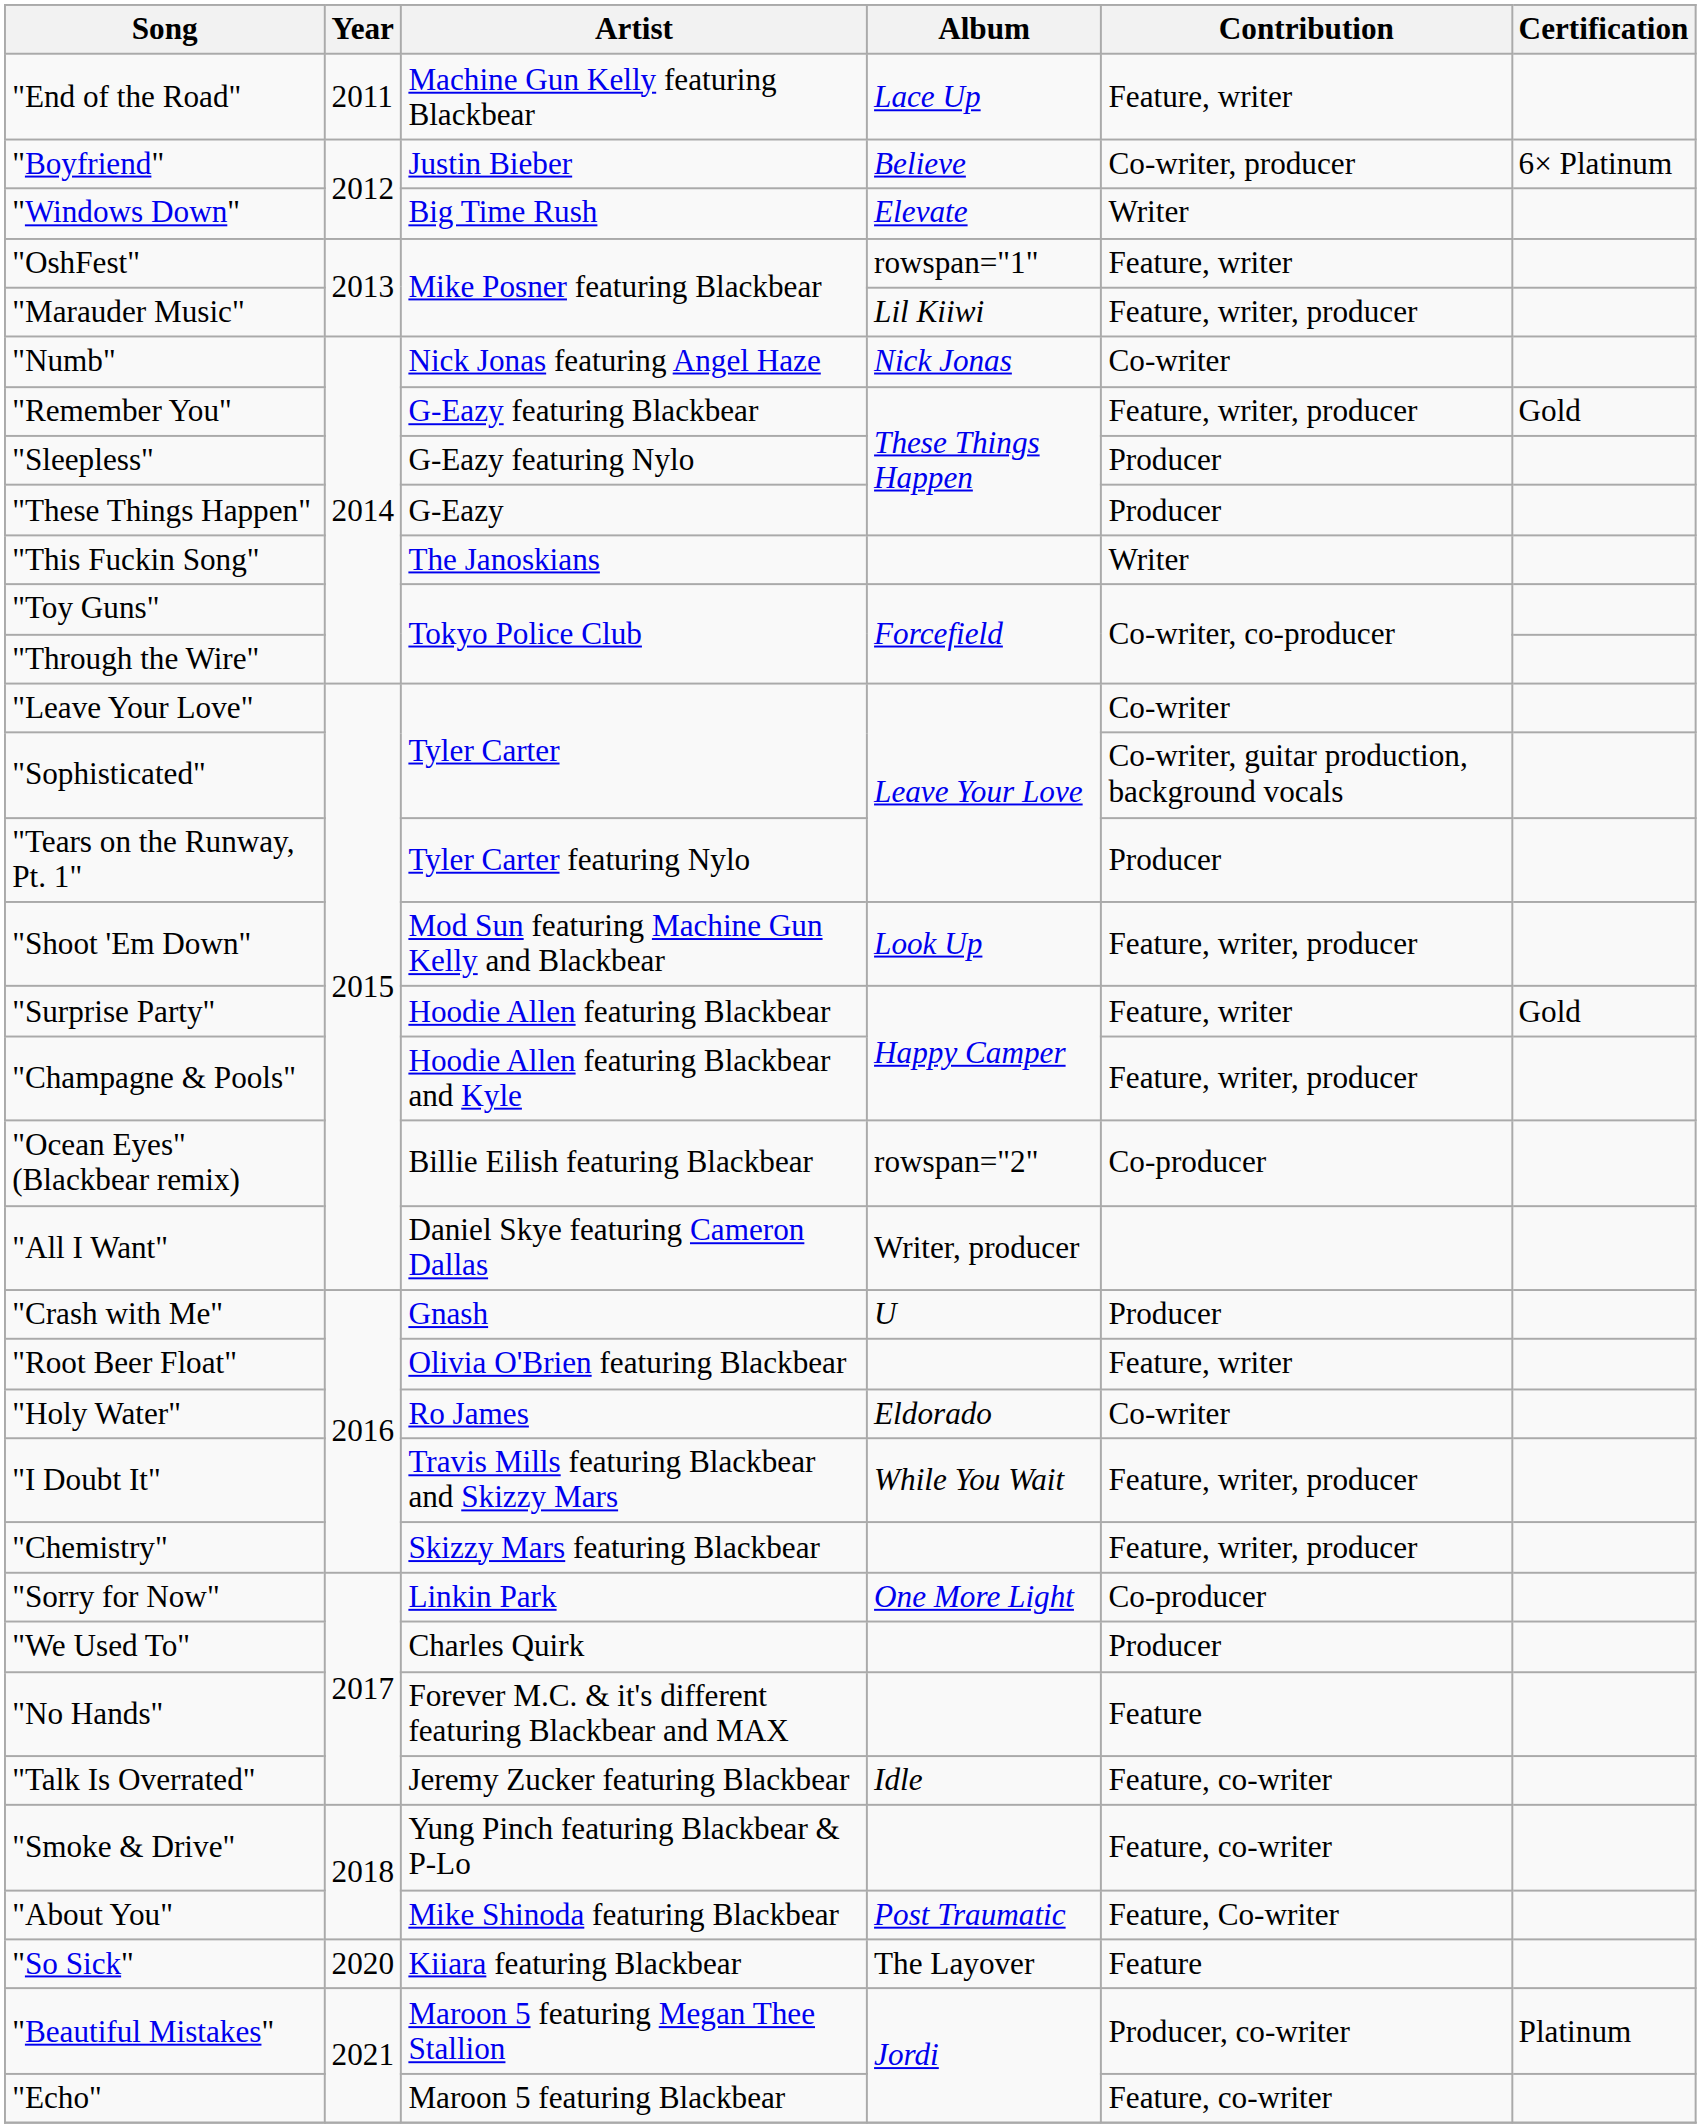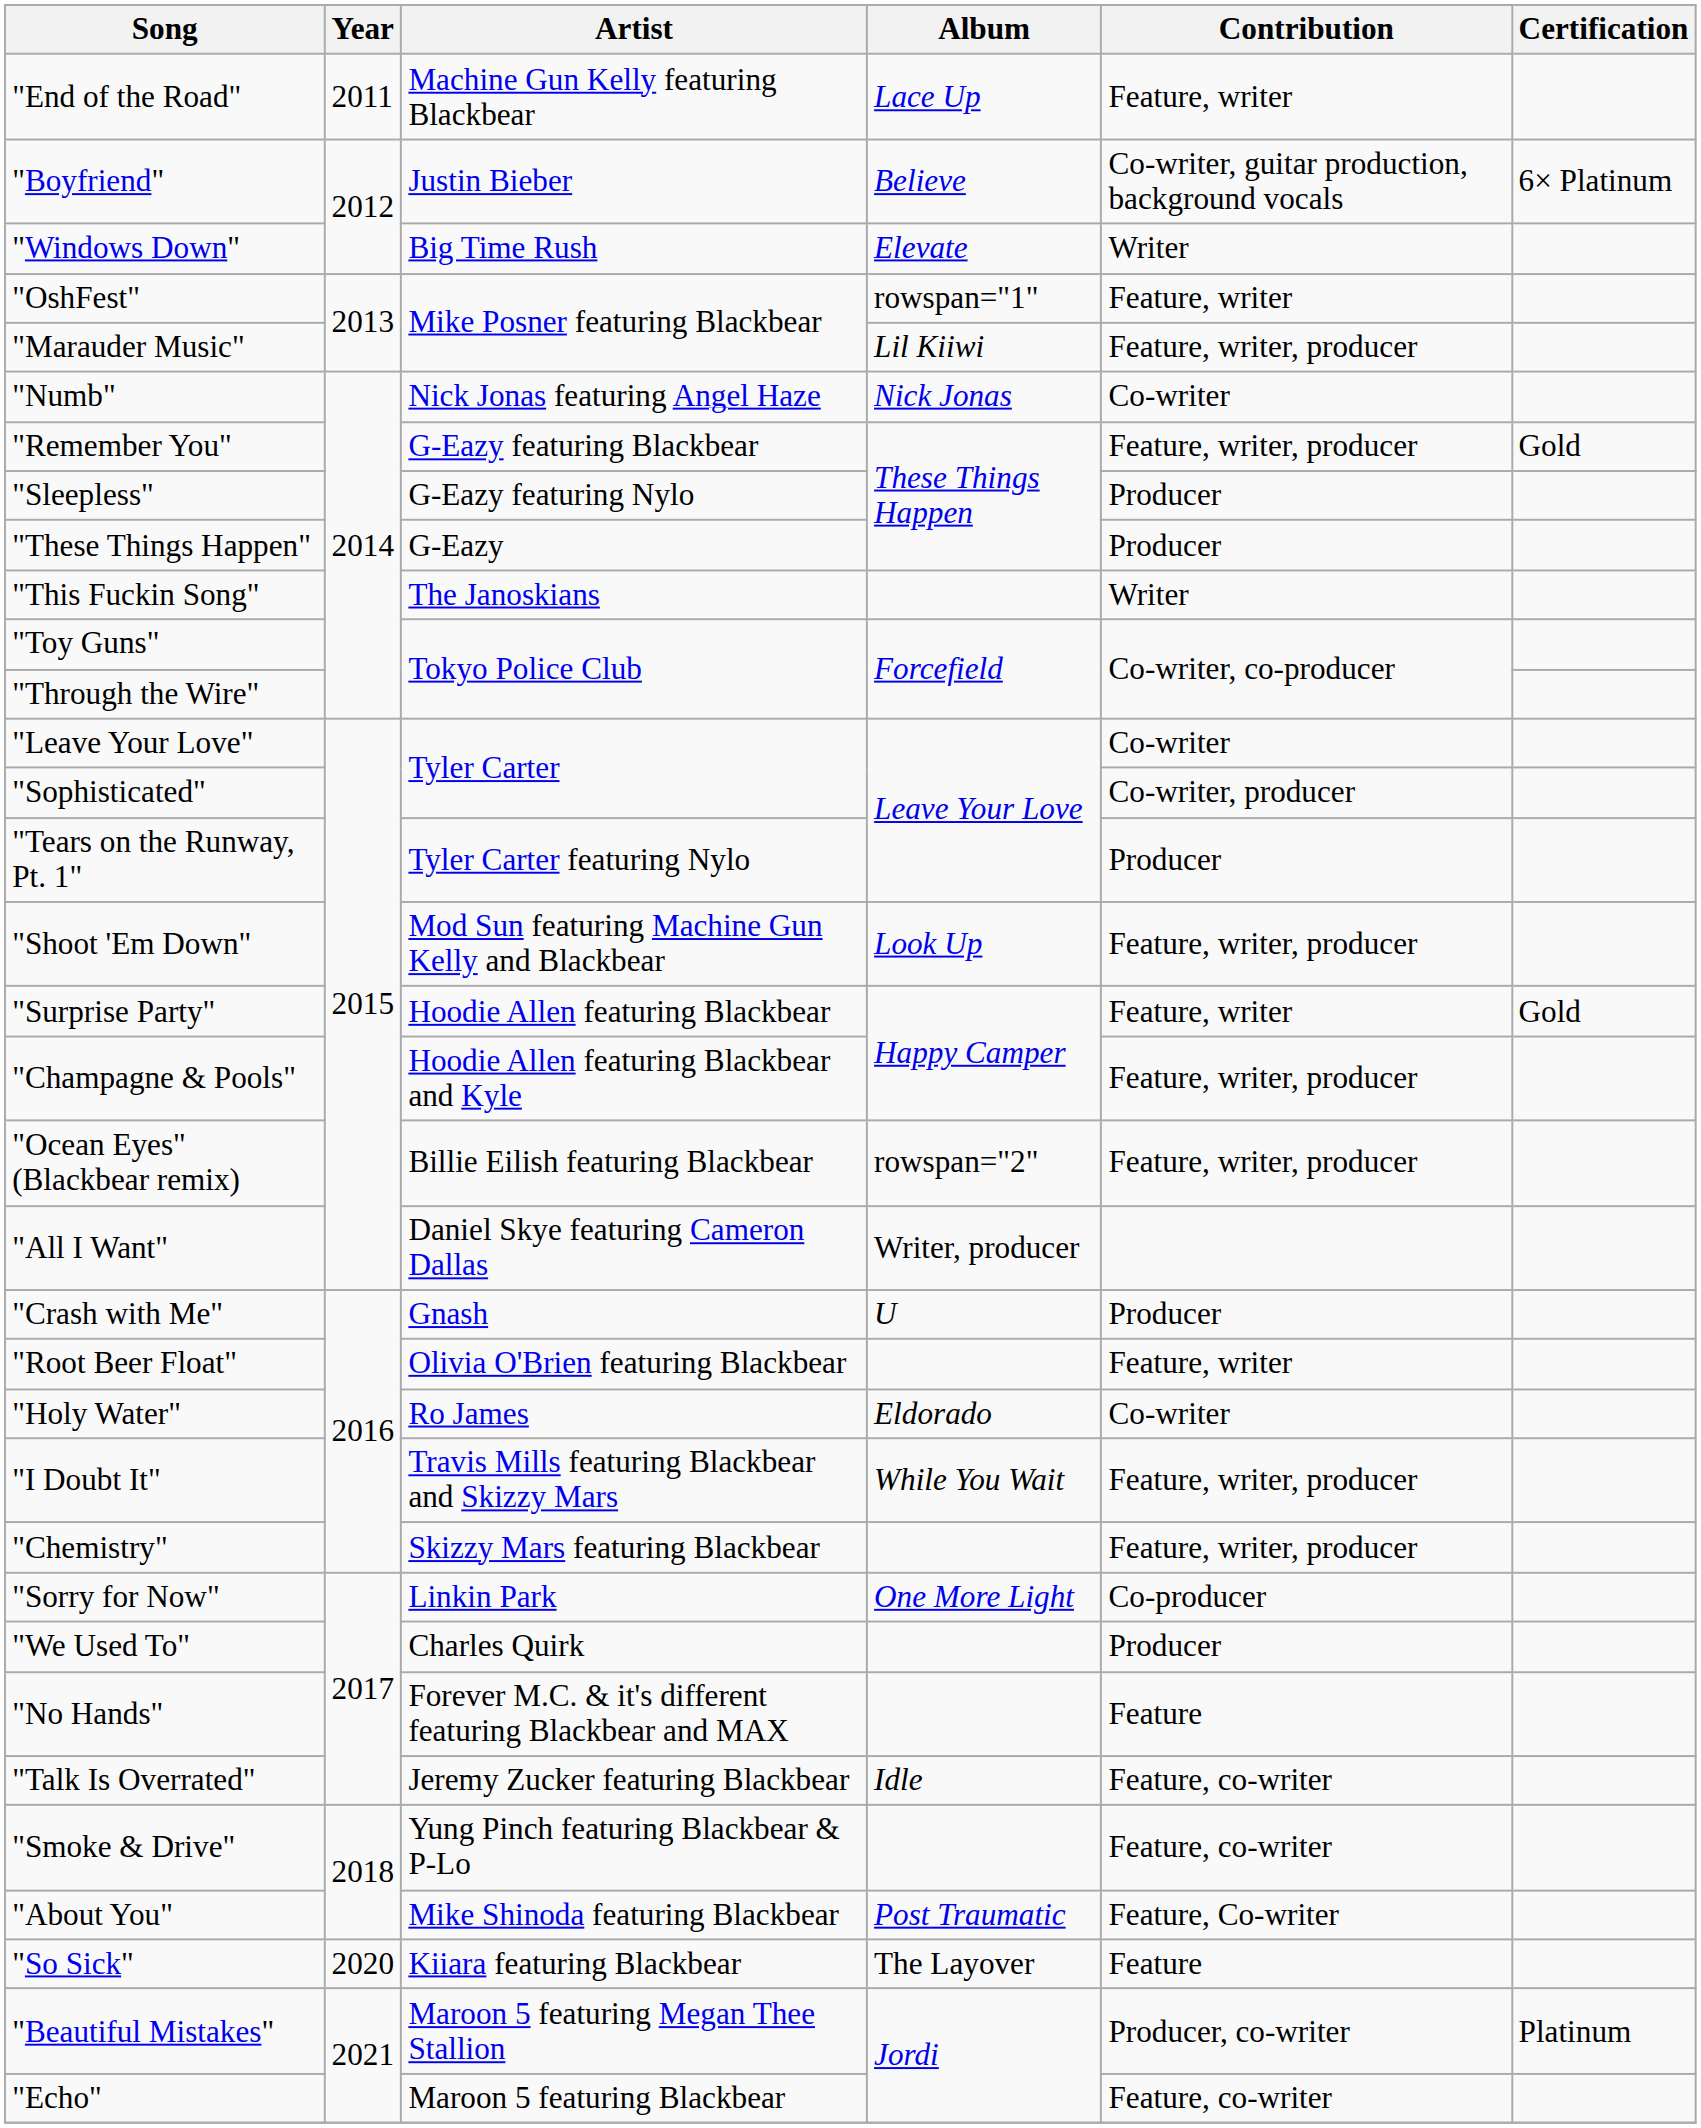 <table class="wikitable plainrowheaders">
 <tr>
 <th scope="col">Song</th>
 <th scope="col">Year</th>
 <th scope="col">Artist</th>
 <th scope="col">Album</th>
 <th scope="col">Contribution</th>
 <th scope="col">Certification</th>
 </tr>
 <tr>
 <td>"End of the Road"</td>
 <td>2011</td>
 <td><a href='#'>Machine Gun Kelly</a> featuring Blackbear</td>
 <td><em><a href='#'>Lace Up</a></em></td>
 <td>Feature, writer</td>
 <td></td>
 </tr>
 <tr>
 <td>"<a href='#'>Boyfriend</a>"</td>
 <td rowspan="2">2012</td>
 <td><a href='#'>Justin Bieber</a></td>
 <td><em><a href='#'>Believe</a></em></td>
-<td>Co-writer, producer</td>
+<td>Co-writer, guitar production, background vocals</td>
 <td>6× Platinum</td>
 </tr>
 <tr>
 <td>"<a href='#'>Windows Down</a>"</td>
 <td><a href='#'>Big Time Rush</a></td>
 <td><em><a href='#'>Elevate</a></em></td>
 <td>Writer</td>
 <td></td>
 </tr>
 <tr>
 <td>"OshFest"</td>
 <td rowspan="2">2013</td>
 <td rowspan="2"><a href='#'>Mike Posner</a> featuring Blackbear</td>
 <td>rowspan="1" </td>
 <td>Feature, writer</td>
 <td></td>
 </tr>
 <tr>
 <td>"Marauder Music"</td>
 <td><em>Lil Kiiwi</em></td>
 <td>Feature, writer, producer</td>
 <td></td>
 </tr>
 <tr>
 <td>"Numb"</td>
 <td rowspan="7">2014</td>
 <td><a href='#'>Nick Jonas</a> featuring <a href='#'>Angel Haze</a></td>
 <td><em><a href='#'>Nick Jonas</a></em></td>
 <td>Co-writer</td>
 <td></td>
 </tr>
 <tr>
 <td>"Remember You"</td>
 <td><a href='#'>G-Eazy</a> featuring Blackbear</td>
 <td rowspan="3"><em><a href='#'>These Things Happen</a></em></td>
 <td>Feature, writer, producer</td>
 <td>Gold</td>
 </tr>
 <tr>
 <td>"Sleepless"</td>
 <td>G-Eazy featuring Nylo</td>
 <td>Producer</td>
 <td></td>
 </tr>
 <tr>
 <td>"These Things Happen"</td>
 <td>G-Eazy</td>
 <td>Producer</td>
 <td></td>
 </tr>
 <tr>
 <td>"This Fuckin Song"</td>
 <td><a href='#'>The Janoskians</a></td>
 <td></td>
 <td>Writer</td>
 <td></td>
 </tr>
 <tr>
 <td>"Toy Guns"</td>
 <td rowspan="2"><a href='#'>Tokyo Police Club</a></td>
 <td rowspan="2"><em><a href='#'>Forcefield</a></em></td>
 <td rowspan="2">Co-writer, co-producer</td>
 <td></td>
 </tr>
 <tr>
 <td>"Through the Wire"</td>
 <td></td>
 </tr>
 <tr>
 <td>"Leave Your Love"</td>
 <td rowspan="8">2015</td>
 <td rowspan="2"><a href='#'>Tyler Carter</a></td>
 <td rowspan="3"><em><a href='#'>Leave Your Love</a></em></td>
 <td>Co-writer</td>
 <td></td>
 </tr>
 <tr>
 <td>"Sophisticated"</td>
-<td>Co-writer, guitar production, background vocals</td>
+<td>Co-writer, producer</td>
 <td></td>
 </tr>
 <tr>
 <td>"Tears on the Runway, Pt. 1"</td>
 <td><a href='#'>Tyler Carter</a> featuring Nylo</td>
 <td>Producer</td>
 <td></td>
 </tr>
 <tr>
 <td>"Shoot 'Em Down"</td>
 <td><a href='#'>Mod Sun</a> featuring <a href='#'>Machine Gun Kelly</a> and Blackbear</td>
 <td><em><a href='#'>Look Up</a></em></td>
 <td>Feature, writer, producer</td>
 <td></td>
 </tr>
 <tr>
 <td>"Surprise Party"</td>
 <td><a href='#'>Hoodie Allen</a> featuring Blackbear</td>
 <td rowspan="2"><em><a href='#'>Happy Camper</a></em></td>
 <td>Feature, writer</td>
 <td>Gold</td>
 </tr>
 <tr>
 <td>"Champagne & Pools"</td>
 <td><a href='#'>Hoodie Allen</a> featuring Blackbear and <a href='#'>Kyle</a></td>
 <td>Feature, writer, producer</td>
 <td></td>
 </tr>
 <tr>
 <td>"Ocean Eyes" (Blackbear remix)</td>
 <td>Billie Eilish featuring Blackbear</td>
 <td>rowspan="2" </td>
-<td>Co-producer</td>
+<td>Feature, writer, producer</td>
 <td></td>
 </tr>
 <tr>
 <td>"All I Want"</td>
 <td>Daniel Skye featuring <a href='#'>Cameron Dallas</a></td>
 <td>Writer, producer</td>
 <td></td>
 </tr>
 <tr>
 <td>"Crash with Me"</td>
 <td rowspan="5">2016</td>
 <td><a href='#'>Gnash</a></td>
 <td><em>U</em></td>
 <td>Producer</td>
 <td></td>
 </tr>
 <tr>
 <td>"Root Beer Float"</td>
 <td><a href='#'>Olivia O'Brien</a> featuring Blackbear</td>
 <td></td>
 <td>Feature, writer</td>
 <td></td>
 </tr>
 <tr>
 <td>"Holy Water"</td>
 <td><a href='#'>Ro James</a></td>
 <td><em>Eldorado</em></td>
 <td>Co-writer</td>
 <td></td>
 </tr>
 <tr>
 <td>"I Doubt It"</td>
 <td><a href='#'>Travis Mills</a> featuring Blackbear and <a href='#'>Skizzy Mars</a></td>
 <td><em>While You Wait</em></td>
 <td>Feature, writer, producer</td>
 <td></td>
 </tr>
 <tr>
 <td>"Chemistry"</td>
 <td><a href='#'>Skizzy Mars</a> featuring Blackbear</td>
 <td></td>
 <td>Feature, writer, producer</td>
 <td></td>
 </tr>
 <tr>
 <td>"Sorry for Now"</td>
 <td rowspan="4">2017</td>
 <td><a href='#'>Linkin Park</a></td>
 <td><em><a href='#'>One More Light</a></em></td>
 <td>Co-producer</td>
 <td></td>
 </tr>
 <tr>
 <td>"We Used To"</td>
 <td>Charles Quirk</td>
 <td></td>
 <td>Producer</td>
 <td></td>
 </tr>
 <tr>
 <td>"No Hands"</td>
 <td>Forever M.C. & it's different featuring Blackbear and MAX</td>
 <td></td>
 <td>Feature</td>
 <td></td>
 </tr>
 <tr>
 <td>"Talk Is Overrated"</td>
 <td>Jeremy Zucker featuring Blackbear</td>
 <td><em>Idle</em></td>
 <td>Feature, co-writer</td>
 <td></td>
 </tr>
 <tr>
 <td>"Smoke & Drive"</td>
 <td rowspan="2">2018</td>
 <td>Yung Pinch featuring Blackbear & P-Lo</td>
 <td></td>
 <td>Feature, co-writer</td>
 <td></td>
 </tr>
 <tr>
 <td>"About You"</td>
 <td><a href='#'>Mike Shinoda</a> featuring Blackbear</td>
 <td><em><a href='#'>Post Traumatic</a></em></td>
 <td>Feature, Co-writer</td>
 <td></td>
 </tr>
 <tr>
 <td>"<a href='#'>So Sick</a>"</td>
 <td>2020</td>
 <td><a href='#'>Kiiara</a> featuring Blackbear</td>
 <td>The Layover</td>
 <td>Feature</td>
 <td></td>
 </tr>
 <tr>
 <td>"<a href='#'>Beautiful Mistakes</a>"</td>
 <td rowspan="2">2021</td>
 <td><a href='#'>Maroon 5</a> featuring <a href='#'>Megan Thee Stallion</a></td>
 <td rowspan="2"><em><a href='#'>Jordi</a></em></td>
 <td>Producer, co-writer</td>
 <td>Platinum</td>
 </tr>
 <tr>
 <td>"Echo"</td>
 <td>Maroon 5 featuring Blackbear</td>
 <td>Feature, co-writer</td>
 <td></td>
 </tr>
 <tr>
 </tr>
 </table>
